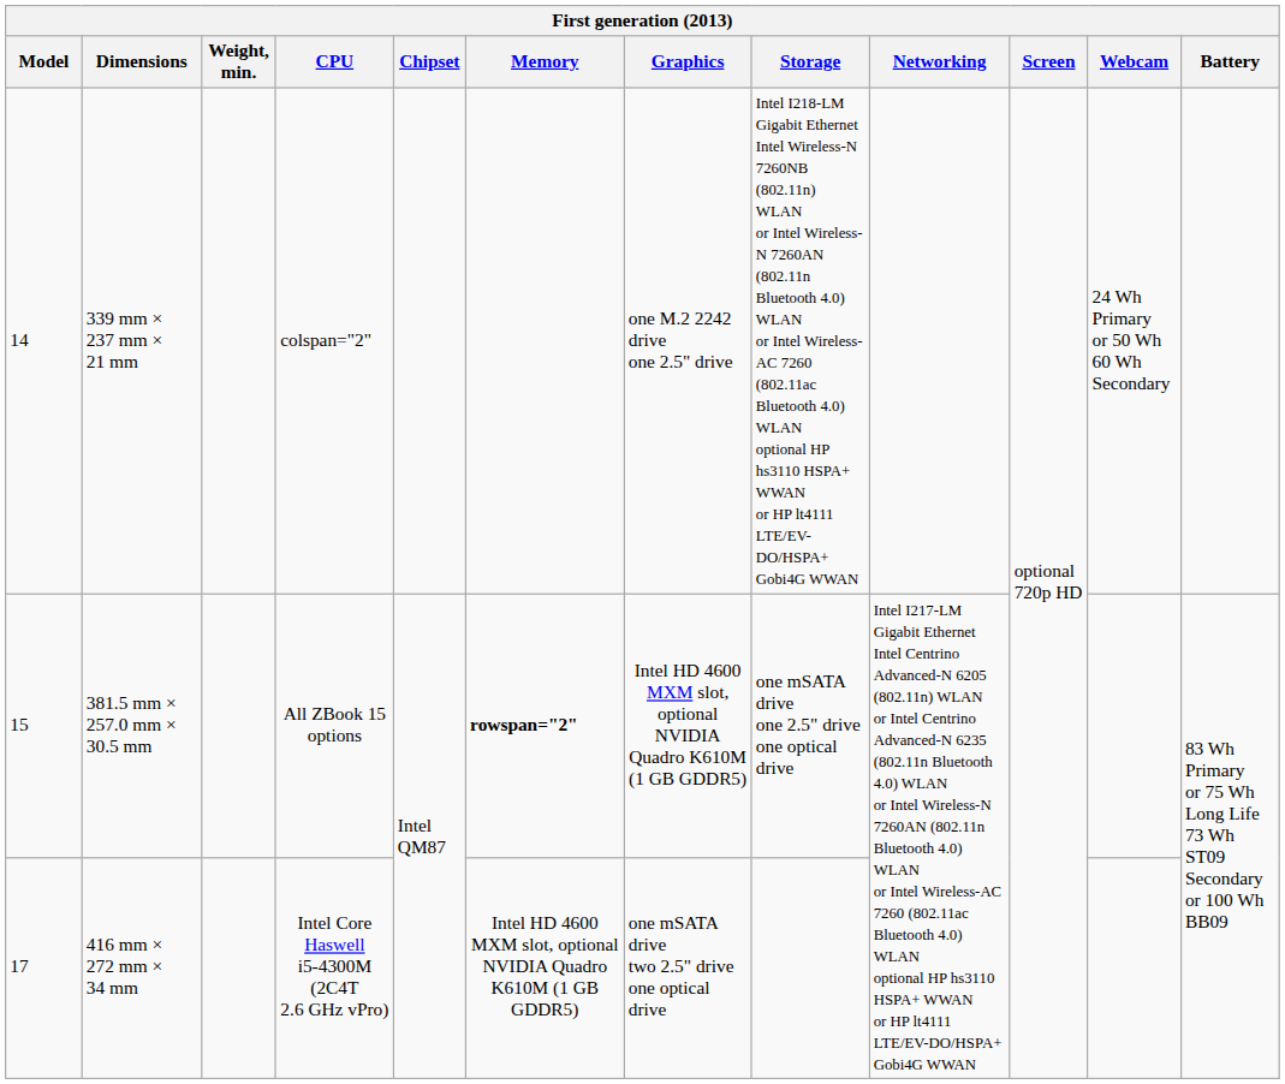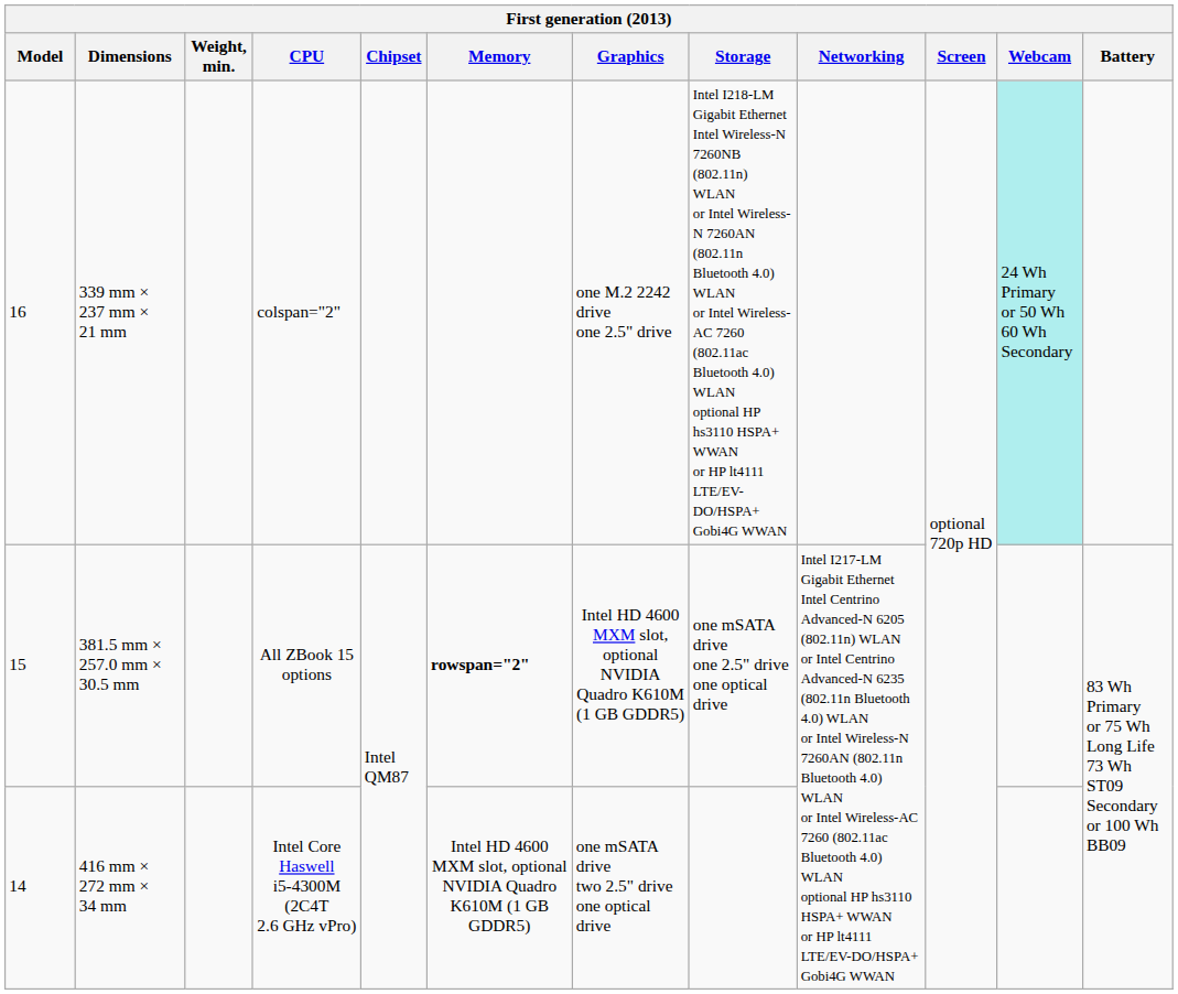 <table class="wikitable" style="font-size: 80%; width: 100%;">
 <tr>
 <th colspan="13">First generation (2013)</th>
 </tr>
 <tr>
 <th width="6%">Model</th>
 <th>Dimensions</th>
 <th>Weight, min.</th>
 <th><a href='#'>CPU</a></th>
 <th><a href='#'>Chipset</a></th>
 <th><a href='#'>Memory</a></th>
 <th><a href='#'>Graphics</a></th>
 <th><a href='#'>Storage</a></th>
 <th><a href='#'>Networking</a></th>
 <th><a href='#'>Screen</a></th>
 <th><a href='#'>Webcam</a></th>
 <th>Battery</th>
 </tr>
 <tr>
-<td>14 </td>
+<td>16 </td>
 <td>339 mm × 237 mm × 21 mm</td>
 <td></td>
 <td>colspan="2" </td>
 <td></td>
 <td></td>
 <td>one M.2 2242 drive<br>one 2.5" drive</td>
 <td><small>Intel I218-LM Gigabit Ethernet<br>Intel Wireless-N 7260NB (802.11n) WLAN<br><span>or Intel Wireless-N 7260AN (802.11n Bluetooth 4.0) WLAN<br>or Intel Wireless-AC 7260 (802.11ac Bluetooth 4.0) WLAN</span><br>optional HP hs3110 HSPA+ WWAN<br><span>or HP lt4111 LTE/EV-DO/HSPA+ Gobi4G WWAN</span></small></td>
 <td></td>
 <td rowspan="3">optional 720p HD<br></td>
-<td>24 Wh Primary<br><span>or 50 Wh</span><br>60 Wh Secondary</td>
+<td style="background: paleturquoise;">24 Wh Primary<br><span>or 50 Wh</span><br>60 Wh Secondary</td>
 </tr>
 <tr>
 <td>15 </td>
 <td>381.5 mm × 257.0 mm × 30.5 mm</td>
 <td></td>
 <td style="text-align:center;background:">All ZBook 15 options<br></td>
 <td rowspan="2">Intel QM87</td>
 <td><strong>rowspan="2" </strong></td>
 <td style="text-align:center;background:">Intel HD 4600<br><a href='#'>MXM</a> slot, optional NVIDIA Quadro K610M (1 GB GDDR5)<br></td>
 <td>one mSATA drive<br>one 2.5" drive<br>one optical drive</td>
 <td rowspan="2"><small>Intel I217-LM Gigabit Ethernet<br>Intel Centrino Advanced-N 6205 (802.11n) WLAN<br><span>or Intel Centrino Advanced-N 6235 (802.11n Bluetooth 4.0) WLAN<br>or Intel Wireless-N 7260AN (802.11n Bluetooth 4.0) WLAN<br>or Intel Wireless-AC 7260 (802.11ac Bluetooth 4.0) WLAN</span><br>optional HP hs3110 HSPA+ WWAN<br><span>or HP lt4111 LTE/EV-DO/HSPA+ Gobi4G WWAN</span></small></td>
 <td></td>
 <td rowspan="2">83 Wh Primary<br><span>or 75 Wh Long Life</span><br>73 Wh ST09 Secondary<br><span>or 100 Wh BB09</span></td>
 </tr>
 <tr>
-<td>17 </td>
+<td>14 </td>
 <td>416 mm × 272 mm × 34 mm</td>
 <td></td>
 <td style="text-align:center;background:">Intel Core <a href='#'>Haswell</a><br>i5-4300M (2C4T 2.6 GHz vPro)<br></td>
 <td style="text-align:center;background:">Intel HD 4600<br>MXM slot, optional NVIDIA Quadro K610M (1 GB GDDR5)<br></td>
 <td>one mSATA drive<br>two 2.5" drive<br>one optical drive</td>
 <td></td>
 </tr>
 </table>
